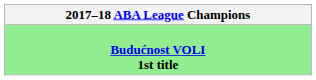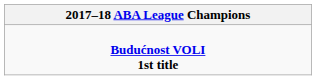 <table class="wikitable" style="margin: 0 auto; width: 30%;">
 <tr>
 <th>2017–18 <a href='#'>ABA League</a> Champions</th>
 </tr>
 <tr>
-<td align=center style="background: lightgreen;"><br><strong><a href='#'>Budućnost VOLI</a></strong><br><strong>1st title</strong></td>
+<td align=center><br><strong><a href='#'>Budućnost VOLI</a></strong><br><strong>1st title</strong></td>
 </tr>
 </table>
